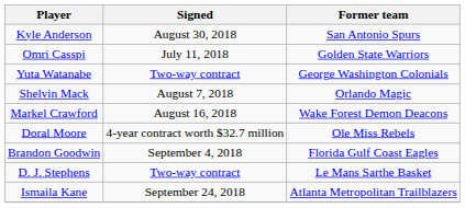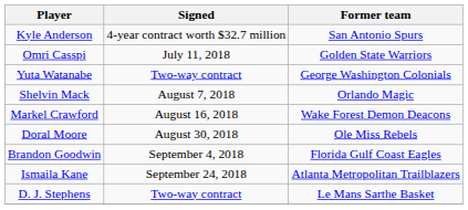 <table class="wikitable sortable sortable" style="text-align: center">
 <tr>
 <th>Player</th>
 <th>Signed</th>
 <th>Former team</th>
 </tr>
 <tr style="text-align: center">
 <td><a href='#'>Kyle Anderson</a></td>
-<td>August 30, 2018</td>
+<td>4-year contract worth $32.7 million</td>
 <td><a href='#'>San Antonio Spurs</a></td>
 </tr>
 <tr style="text-align: center">
 <td><a href='#'>Omri Casspi</a></td>
 <td>July 11, 2018</td>
 <td><a href='#'>Golden State Warriors</a></td>
 </tr>
 <tr style="text-align: center">
 <td><a href='#'>Yuta Watanabe</a></td>
 <td><a href='#'>Two-way contract</a></td>
 <td><a href='#'>George Washington Colonials</a></td>
 </tr>
 <tr style="text-align: center">
 <td><a href='#'>Shelvin Mack</a></td>
 <td>August 7, 2018</td>
 <td><a href='#'>Orlando Magic</a></td>
 </tr>
 <tr style="text-align: center">
 <td><a href='#'>Markel Crawford</a></td>
 <td>August 16, 2018</td>
 <td><a href='#'>Wake Forest Demon Deacons</a></td>
 </tr>
 <tr style="text-align: center">
 <td><a href='#'>Doral Moore</a></td>
-<td>4-year contract worth $32.7 million</td>
+<td>August 30, 2018</td>
 <td><a href='#'>Ole Miss Rebels</a></td>
 </tr>
 <tr style="text-align: center">
 <td><a href='#'>Brandon Goodwin</a></td>
 <td>September 4, 2018</td>
 <td><a href='#'>Florida Gulf Coast Eagles</a></td>
 </tr>
 <tr>
+<td><a href='#'>Ismaila Kane</a></td>
+<td>September 24, 2018</td>
+<td><a href='#'>Atlanta Metropolitan Trailblazers</a></td>
+</tr>
+<tr>
 <td><a href='#'>D. J. Stephens</a></td>
 <td><a href='#'>Two-way contract</a></td>
 <td> <a href='#'>Le Mans Sarthe Basket</a></td>
 </tr>
 <tr>
-<td><a href='#'>Ismaila Kane</a></td>
-<td>September 24, 2018</td>
-<td><a href='#'>Atlanta Metropolitan Trailblazers</a></td>
-</tr>
-<tr>
 </tr>
 </table>
